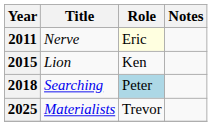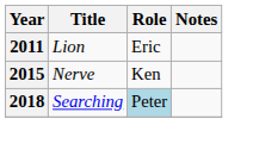 <table class="wikitable sortable plainrowheaders">
 <tr>
 <th scope="col">Year</th>
 <th scope="col">Title</th>
 <th scope="col">Role</th>
 <th scope="col" class="unsortable">Notes</th>
 </tr>
 <tr>
 <th scope=row style="text-align:center;">2011</th>
-<td><em>Nerve</em></td>
-<td style="background: lightyellow;">Eric</td>
+<td><em>Lion</em></td>
+<td>Eric</td>
 <td></td>
 </tr>
 <tr>
 <th scope=row style="text-align:center;">2015</th>
-<td><em>Lion</em></td>
+<td><em>Nerve</em></td>
 <td>Ken</td>
 <td></td>
 </tr>
 <tr>
 <th scope=row style="text-align:center;">2018</th>
 <td><em><a href='#'>Searching</a></em></td>
 <td style="background: lightblue;">Peter</td>
 <td></td>
 </tr>
 <tr>
-<th scope=row style="text-align:center;">2025</th>
-<td><em><a href='#'>Materialists</a></em></td>
-<td>Trevor</td>
-<td></td>
-</tr>
-<tr>
 </tr>
 </table>
